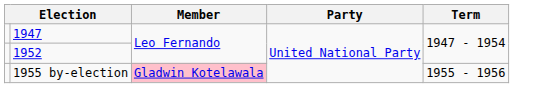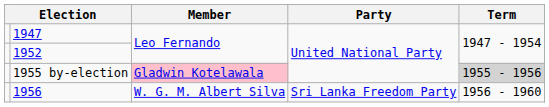 <table class="wikitable">
 <tr>
 <th colspan="2">Election</th>
 <th>Member</th>
 <th>Party</th>
 <th>Term</th>
 </tr>
 <tr>
 <td style="background-color: "></td>
 <td><a href='#'>1947</a></td>
 <td rowspan=2><a href='#'>Leo Fernando</a></td>
 <td rowspan=3><a href='#'>United National Party</a></td>
 <td rowspan=2>1947 - 1954</td>
 </tr>
 <tr>
 <td style="background-color: "></td>
 <td><a href='#'>1952</a></td>
 </tr>
 <tr>
 <td style="background-color: "></td>
 <td>1955 by-election</td>
 <td style="background: pink;"><a href='#'>Gladwin Kotelawala</a></td>
-<td>1955 - 1956</td>
+<td style="background: lightgrey;">1955 - 1956</td>
+</tr>
+<tr>
+<td style="background-color: "></td>
+<td><a href='#'>1956</a></td>
+<td><a href='#'>W. G. M. Albert Silva</a></td>
+<td><a href='#'>Sri Lanka Freedom Party</a></td>
+<td>1956 - 1960</td>
 </tr>
 </table>
